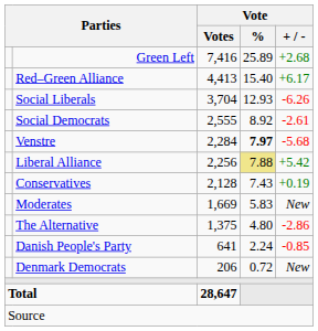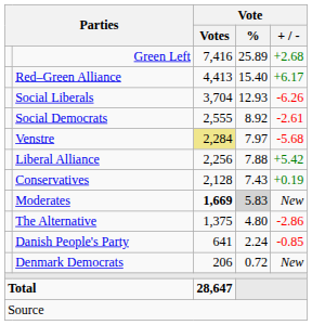 <table class="wikitable" style="text-align:right;">
 <tr>
 <th style="text-align:centre;" rowspan="2" colspan="2" width="225">Parties</th>
 <th colspan="3">Vote</th>
 </tr>
 <tr>
 <th width="15">Votes</th>
 <th width="15">%</th>
 <th width="15">+ / -</th>
 </tr>
 <tr>
 <td width=2 bgcolor=></td>
 <td><a href='#'>Green Left</a></td>
 <td>7,416</td>
 <td>25.89</td>
 <td style=color:green;>+2.68</td>
 </tr>
 <tr>
 <td width=2 bgcolor=></td>
 <td align=left><a href='#'>Red–Green Alliance</a></td>
 <td>4,413</td>
 <td>15.40</td>
 <td style=color:green;>+6.17</td>
 </tr>
 <tr>
 <td width=2 bgcolor=></td>
 <td align=left><a href='#'>Social Liberals</a></td>
 <td>3,704</td>
 <td>12.93</td>
 <td style=color:red;>-6.26</td>
 </tr>
 <tr>
 <td width=2 bgcolor=></td>
 <td align=left><a href='#'>Social Democrats</a></td>
 <td>2,555</td>
 <td>8.92</td>
 <td style=color:red;>-2.61</td>
 </tr>
 <tr>
 <td width=2 bgcolor=></td>
 <td align=left><a href='#'>Venstre</a></td>
-<td>2,284</td>
-<td><strong>7.97</strong></td>
+<td style="background: khaki;">2,284</td>
+<td>7.97</td>
 <td style=color:red;>-5.68</td>
 </tr>
 <tr>
 <td width=2 bgcolor=></td>
 <td align=left><a href='#'>Liberal Alliance</a></td>
 <td>2,256</td>
-<td style="background: khaki;">7.88</td>
+<td>7.88</td>
 <td style=color:green;>+5.42</td>
 </tr>
 <tr>
 <td width=2 bgcolor=></td>
 <td align=left><a href='#'>Conservatives</a></td>
 <td>2,128</td>
 <td>7.43</td>
 <td style=color:green;>+0.19</td>
 </tr>
 <tr>
 <td width=2 bgcolor=></td>
 <td align=left><a href='#'>Moderates</a></td>
-<td>1,669</td>
-<td>5.83</td>
+<td><strong>1,669</strong></td>
+<td style="background: lightgrey;">5.83</td>
 <td><em>New</em></td>
 </tr>
 <tr>
 <td width=2 bgcolor=></td>
 <td align=left><a href='#'>The Alternative</a></td>
 <td>1,375</td>
 <td>4.80</td>
 <td style=color:red;>-2.86</td>
 </tr>
 <tr>
 <td width=2 bgcolor=></td>
 <td align=left><a href='#'>Danish People's Party</a></td>
 <td>641</td>
 <td>2.24</td>
 <td style=color:red;>-0.85</td>
 </tr>
 <tr>
 <td width=2 bgcolor=></td>
 <td align=left><a href='#'>Denmark Democrats</a></td>
 <td>206</td>
 <td>0.72</td>
 <td><em>New</em></td>
 </tr>
 <tr>
 <td colspan="7" bgcolor="#E9E9E9"></td>
 </tr>
 <tr>
 <td align="left" colspan="2"><strong>Total</strong></td>
 <td><strong>28,647</strong></td>
 <td bgcolor=#E9E9E9 colspan=2></td>
 </tr>
 <tr>
 <td align="left" colspan="6">Source</td>
 </tr>
 </table>
